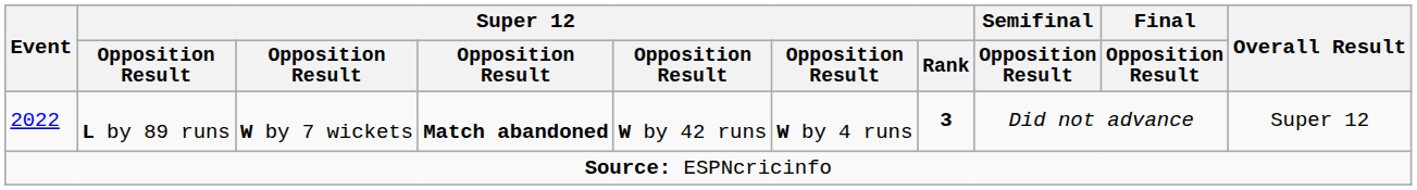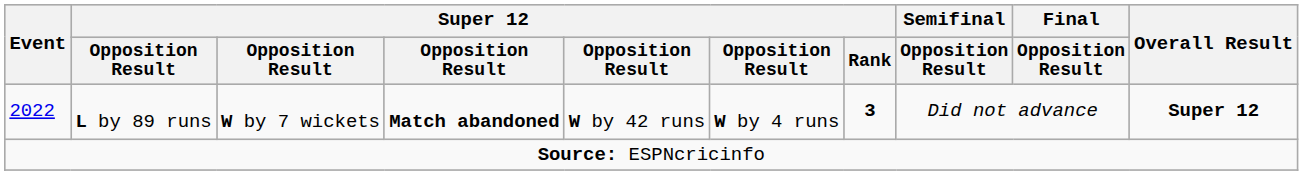 <table class=wikitable style=font-size:90%;text-align:center>
 <tr>
 <th rowspan=2>Event</th>
 <th colspan=6>Super 12</th>
 <th>Semifinal</th>
 <th>Final</th>
 <th rowspan=2>Overall Result</th>
 </tr>
 <tr style=font-size:95%>
 <th>Opposition<br>Result</th>
 <th>Opposition<br>Result</th>
 <th>Opposition<br>Result</th>
 <th>Opposition<br>Result</th>
 <th>Opposition<br>Result</th>
 <th>Rank</th>
 <th>Opposition<br>Result</th>
 <th>Opposition<br>Result</th>
 </tr>
 <tr>
 <td align=left><a href='#'>2022</a></td>
 <td><br><strong>L</strong> by 89 runs</td>
 <td><br><strong>W</strong> by 7 wickets</td>
 <td><br><strong>Match abandoned</strong></td>
 <td><br><strong>W</strong> by 42 runs</td>
 <td><br><strong>W</strong> by 4 runs</td>
 <td><strong>3</strong></td>
 <td colspan="2"><em>Did not advance</em></td>
-<td>Super 12</td>
+<td><strong>Super 12</strong></td>
 </tr>
 <tr>
 <td colspan="11"><strong>Source:</strong> ESPNcricinfo</td>
 </tr>
 </table>
